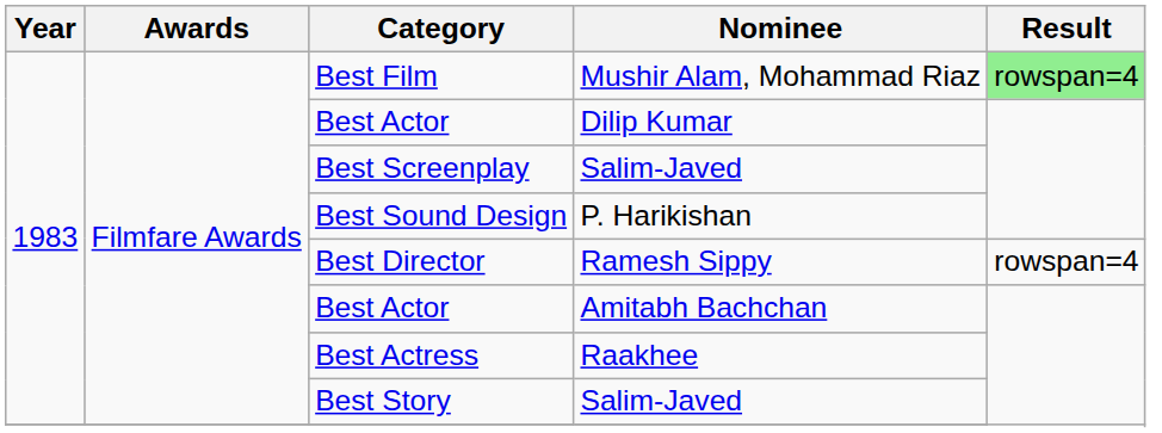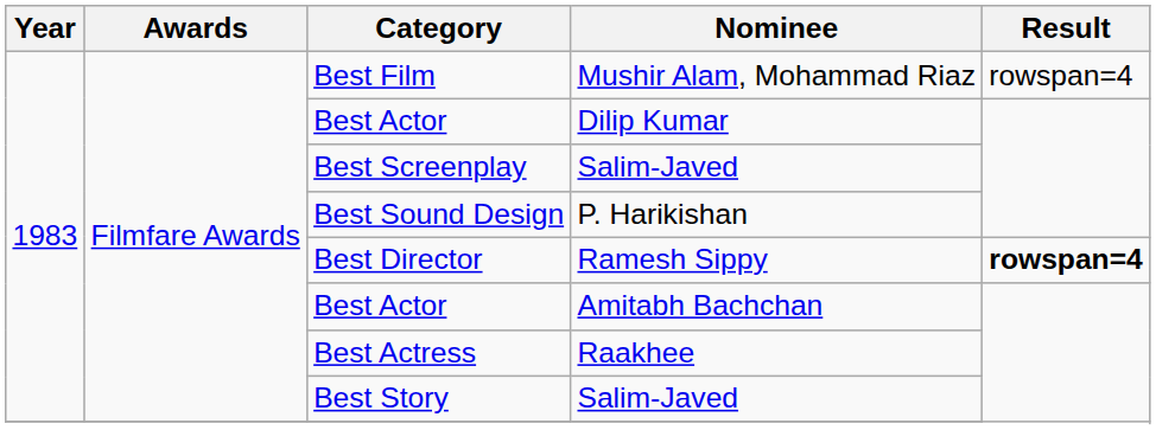 <table class =wikitable>
 <tr>
 <th>Year</th>
 <th>Awards</th>
 <th>Category</th>
 <th>Nominee</th>
 <th>Result</th>
 </tr>
 <tr>
 <td rowspan=8><a href='#'>1983</a></td>
 <td rowspan=8><a href='#'>Filmfare Awards</a></td>
 <td><a href='#'>Best Film</a></td>
 <td><a href='#'>Mushir Alam</a>, Mohammad Riaz</td>
-<td style="background: lightgreen;">rowspan=4 </td>
+<td>rowspan=4 </td>
 </tr>
 <tr>
 <td><a href='#'>Best Actor</a></td>
 <td><a href='#'>Dilip Kumar</a></td>
 </tr>
 <tr>
 <td><a href='#'>Best Screenplay</a></td>
 <td><a href='#'>Salim-Javed</a></td>
 </tr>
 <tr>
 <td><a href='#'>Best Sound Design</a></td>
 <td>P. Harikishan</td>
 </tr>
 <tr>
 <td><a href='#'>Best Director</a></td>
 <td><a href='#'>Ramesh Sippy</a></td>
-<td>rowspan=4 </td>
+<td><strong>rowspan=4 </strong></td>
 </tr>
 <tr>
 <td><a href='#'>Best Actor</a></td>
 <td><a href='#'>Amitabh Bachchan</a></td>
 </tr>
 <tr>
 <td><a href='#'>Best Actress</a></td>
 <td><a href='#'>Raakhee</a></td>
 </tr>
 <tr>
 <td><a href='#'>Best Story</a></td>
 <td><a href='#'>Salim-Javed</a></td>
 </tr>
 <tr>
 </tr>
 </table>
